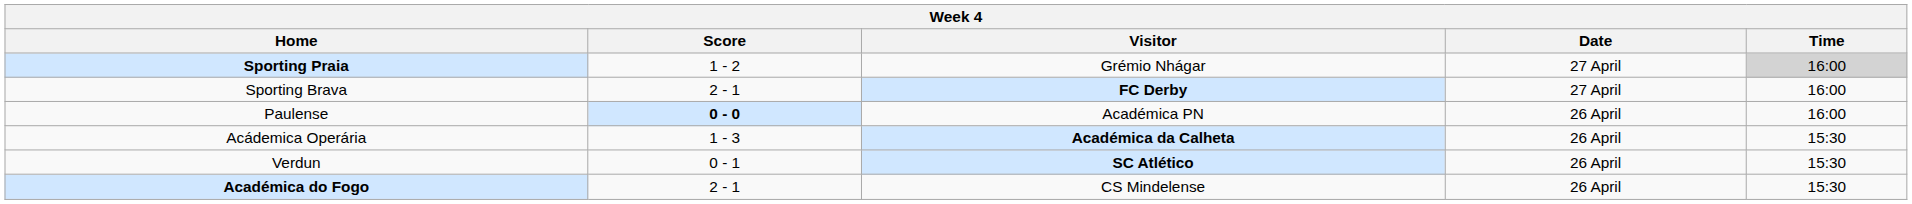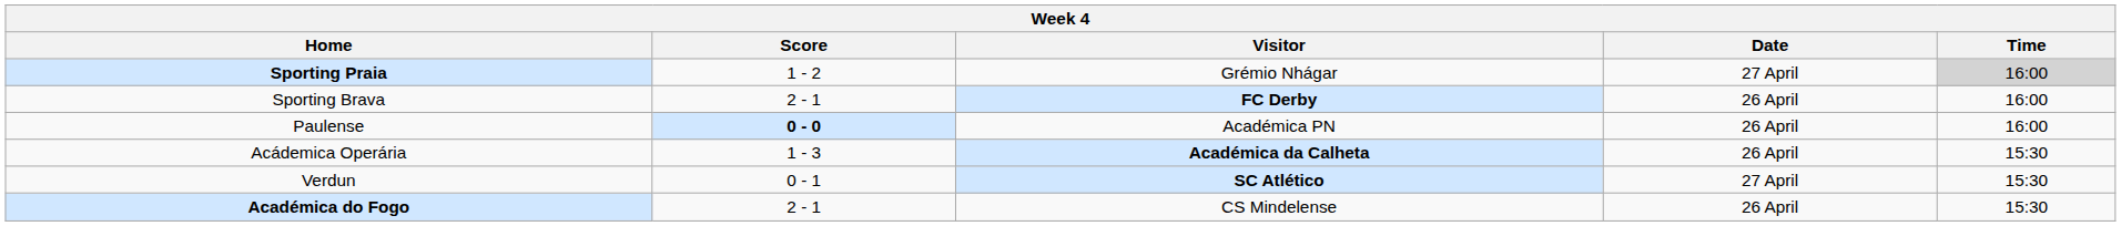 <table class="wikitable" style="margin:1em auto; font-size:95%; text-align: center; width: 95%;">
 <tr>
 <th colspan="12" style="with: 100%;">Week 4</th>
 </tr>
 <tr>
 <th width="200">Home</th>
 <th width="90">Score</th>
 <th width="200">Visitor</th>
 <th width="100">Date</th>
 <th width="50">Time</th>
 </tr>
 <tr>
 <td bgcolor=#D0E7FF><strong>Sporting Praia</strong></td>
 <td>1 - 2</td>
 <td>Grémio Nhágar</td>
 <td>27 April</td>
 <td style="background: lightgrey;">16:00</td>
 </tr>
 <tr>
 <td>Sporting Brava</td>
 <td>2 - 1</td>
 <td bgcolor=#D0E7FF><strong>FC Derby</strong></td>
-<td>27 April</td>
+<td>26 April</td>
 <td>16:00</td>
 </tr>
 <tr>
 <td>Paulense</td>
 <td bgcolor=#D0E7FF><strong>0 - 0</strong></td>
 <td>Académica PN</td>
 <td>26 April</td>
 <td>16:00</td>
 </tr>
 <tr>
 <td>Acádemica Operária</td>
 <td>1 - 3</td>
 <td bgcolor=#D0E7FF><strong>Académica da Calheta</strong></td>
 <td>26 April</td>
 <td>15:30</td>
 </tr>
 <tr>
 <td>Verdun</td>
 <td>0 - 1</td>
 <td bgcolor=#D0E7FF><strong>SC Atlético</strong></td>
-<td>26 April</td>
+<td>27 April</td>
 <td>15:30</td>
 </tr>
 <tr>
 <td bgcolor=#D0E7FF><strong>Académica do Fogo</strong></td>
 <td>2 - 1</td>
 <td>CS Mindelense</td>
 <td>26 April</td>
 <td>15:30</td>
 </tr>
 </table>
